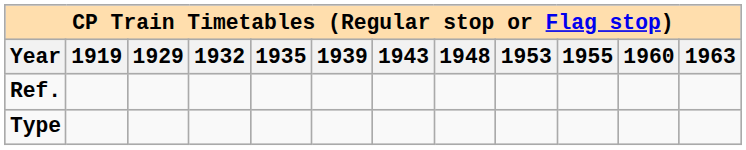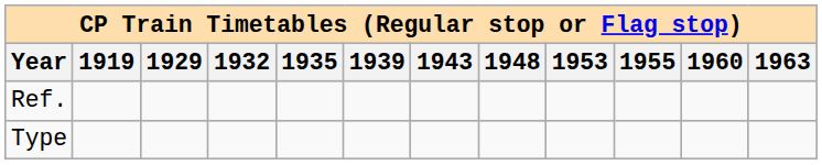 <table class="wikitable">
 <tr>
 <th colspan="13" style="background:#ffdead;">CP Train Timetables (Regular stop or <a href='#'>Flag stop</a>)</th>
 </tr>
 <tr>
 <th>Year</th>
 <th>1919</th>
 <th>1929</th>
 <th>1932</th>
 <th>1935</th>
 <th>1939</th>
 <th>1943</th>
 <th>1948</th>
 <th>1953</th>
 <th>1955</th>
 <th>1960</th>
 <th>1963</th>
 </tr>
 <tr>
-<td><strong>Ref.</strong></td>
+<td>Ref.</td>
 <td></td>
 <td></td>
 <td></td>
 <td></td>
 <td></td>
 <td></td>
 <td></td>
 <td></td>
 <td></td>
 <td></td>
 <td></td>
 </tr>
 <tr>
-<td><strong>Type</strong></td>
+<td>Type</td>
 <td></td>
 <td></td>
 <td></td>
 <td></td>
 <td></td>
 <td></td>
 <td></td>
 <td></td>
 <td></td>
 <td></td>
 <td></td>
 </tr>
 </table>
